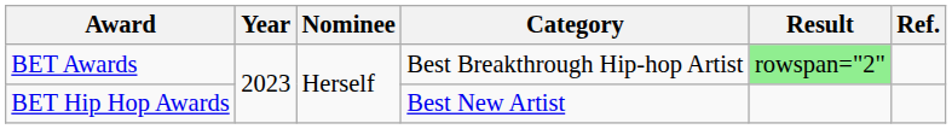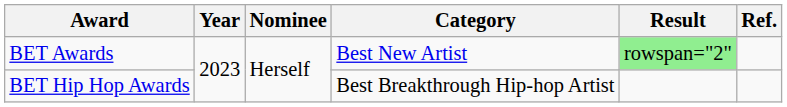 <table class="wikitable">
 <tr>
 <th>Award</th>
 <th>Year</th>
 <th>Nominee</th>
 <th>Category</th>
 <th>Result</th>
 <th>Ref.</th>
 </tr>
 <tr>
 <td><a href='#'>BET Awards</a></td>
 <td rowspan="2">2023</td>
 <td rowspan="2">Herself</td>
-<td>Best Breakthrough Hip-hop Artist</td>
+<td><a href='#'>Best New Artist</a></td>
 <td style="background: lightgreen;">rowspan="2" </td>
 <td></td>
 </tr>
 <tr>
 <td><a href='#'>BET Hip Hop Awards</a></td>
-<td><a href='#'>Best New Artist</a></td>
+<td>Best Breakthrough Hip-hop Artist</td>
 <td></td>
 </tr>
 </table>
